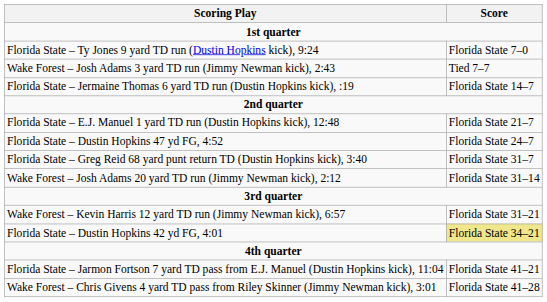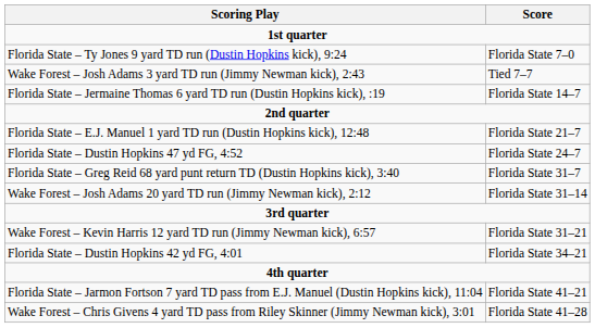 <table class="wikitable">
 <tr>
 <th>Scoring Play</th>
 <th>Score</th>
 </tr>
 <tr>
 <td colspan="4" align="center"><strong>1st quarter</strong></td>
 </tr>
 <tr>
 <td>Florida State – Ty Jones 9 yard TD run (<a href='#'>Dustin Hopkins</a> kick), 9:24</td>
 <td>Florida State 7–0</td>
 </tr>
 <tr>
 <td>Wake Forest – Josh Adams 3 yard TD run (Jimmy Newman kick), 2:43</td>
 <td>Tied 7–7</td>
 </tr>
 <tr>
 <td>Florida State – Jermaine Thomas 6 yard TD run (Dustin Hopkins kick), :19</td>
 <td>Florida State 14–7</td>
 </tr>
 <tr>
 <td colspan="4" align="center"><strong>2nd quarter</strong></td>
 </tr>
 <tr>
 <td>Florida State – E.J. Manuel 1 yard TD run (Dustin Hopkins kick), 12:48</td>
 <td>Florida State 21–7</td>
 </tr>
 <tr>
 <td>Florida State – Dustin Hopkins 47 yd FG, 4:52</td>
 <td>Florida State 24–7</td>
 </tr>
 <tr>
 <td>Florida State – Greg Reid 68 yard punt return TD (Dustin Hopkins kick), 3:40</td>
 <td>Florida State 31–7</td>
 </tr>
 <tr>
 <td>Wake Forest – Josh Adams 20 yard TD run (Jimmy Newman kick), 2:12</td>
 <td>Florida State 31–14</td>
 </tr>
 <tr>
 <td colspan="6" align="center"><strong>3rd quarter</strong></td>
 </tr>
 <tr>
 <td>Wake Forest – Kevin Harris 12 yard TD run (Jimmy Newman kick), 6:57</td>
 <td>Florida State 31–21</td>
 </tr>
 <tr>
 <td>Florida State – Dustin Hopkins 42 yd FG, 4:01</td>
-<td style="background: khaki;">Florida State 34–21</td>
+<td>Florida State 34–21</td>
 </tr>
 <tr>
 <td colspan="6" align="center"><strong>4th quarter</strong></td>
 </tr>
 <tr>
 <td>Florida State – Jarmon Fortson 7 yard TD pass from E.J. Manuel (Dustin Hopkins kick), 11:04</td>
 <td>Florida State 41–21</td>
 </tr>
 <tr>
 <td>Wake Forest – Chris Givens 4 yard TD pass from Riley Skinner (Jimmy Newman kick), 3:01</td>
 <td>Florida State 41–28</td>
 </tr>
 </table>
